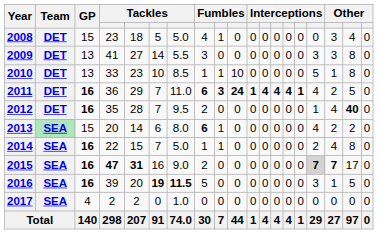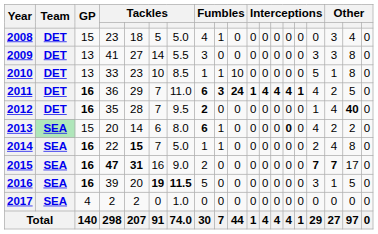 <table class="wikitable" style="text-align:center">
 <tr>
 <th rowspan="2">Year</th>
 <th rowspan="2">Team</th>
 <th rowspan="2">GP</th>
 <th colspan="4">Tackles</th>
 <th colspan="3">Fumbles</th>
 <th colspan="6">Interceptions</th>
 <th colspan="3">Other</th>
 </tr>
 <tr>
 <th></th>
 <th></th>
 <th></th>
 <th></th>
 <th></th>
 <th></th>
 <th></th>
 <th></th>
 <th></th>
 <th></th>
 <th></th>
 <th></th>
 <th></th>
 <th></th>
 <th></th>
 <th></th>
 </tr>
 <tr>
 <th><a href='#'>2008</a></th>
 <th><a href='#'>DET</a></th>
 <td>15</td>
 <td>23</td>
 <td>18</td>
 <td>5</td>
 <td>5.0</td>
 <td>4</td>
 <td>1</td>
 <td>0</td>
 <td>0</td>
 <td>0</td>
 <td>0</td>
 <td>0</td>
 <td>0</td>
 <td>0</td>
 <td>3</td>
 <td>4</td>
 <td>0</td>
 </tr>
 <tr>
 <th><a href='#'>2009</a></th>
 <th><a href='#'>DET</a></th>
 <td>13</td>
 <td>41</td>
 <td>27</td>
 <td>14</td>
 <td>5.5</td>
 <td>3</td>
 <td>0</td>
 <td>0</td>
 <td>0</td>
 <td>0</td>
 <td>0</td>
 <td>0</td>
 <td>0</td>
 <td>3</td>
 <td>3</td>
 <td>8</td>
 <td>0</td>
 </tr>
 <tr>
 <th><a href='#'>2010</a></th>
 <th><a href='#'>DET</a></th>
 <td>13</td>
 <td>33</td>
 <td>23</td>
 <td>10</td>
 <td>8.5</td>
 <td>1</td>
 <td>1</td>
 <td>10</td>
 <td>0</td>
 <td>0</td>
 <td>0</td>
 <td>0</td>
 <td>0</td>
 <td>5</td>
 <td>1</td>
 <td>8</td>
 <td>0</td>
 </tr>
 <tr>
 <th><a href='#'>2011</a></th>
 <th><a href='#'>DET</a></th>
 <td><strong>16</strong></td>
 <td>36</td>
 <td>29</td>
 <td>7</td>
 <td>11.0</td>
 <td><strong>6</strong></td>
 <td><strong>3</strong></td>
 <td><strong>24</strong></td>
 <td><strong>1</strong></td>
 <td><strong>4</strong></td>
 <td><strong>4</strong></td>
 <td><strong>4</strong></td>
 <td><strong>1</strong></td>
 <td>4</td>
 <td>2</td>
 <td>5</td>
 <td>0</td>
 </tr>
 <tr>
 <th><a href='#'>2012</a></th>
 <th><a href='#'>DET</a></th>
 <td><strong>16</strong></td>
 <td>35</td>
 <td>28</td>
 <td>7</td>
 <td>9.5</td>
-<td>2</td>
+<td><strong>2</strong></td>
 <td>0</td>
 <td>0</td>
 <td>0</td>
 <td>0</td>
 <td>0</td>
 <td>0</td>
 <td>0</td>
 <td>1</td>
 <td>4</td>
 <td><strong>40</strong></td>
 <td>0</td>
 </tr>
 <tr>
 <th><a href='#'>2013</a></th>
 <th style="background:#afe6ba; width:3em;"><a href='#'>SEA</a></th>
 <td>15</td>
 <td>20</td>
 <td>14</td>
 <td>6</td>
 <td>8.0</td>
 <td><strong>6</strong></td>
 <td>1</td>
 <td>0</td>
 <td>0</td>
 <td>0</td>
 <td>0</td>
-<td>0</td>
+<td><strong>0</strong></td>
 <td>0</td>
 <td>4</td>
 <td>2</td>
 <td>2</td>
 <td>0</td>
 </tr>
 <tr>
 <th><a href='#'>2014</a></th>
 <th><a href='#'>SEA</a></th>
 <td><strong>16</strong></td>
 <td>22</td>
-<td>15</td>
+<td><strong>15</strong></td>
 <td>7</td>
 <td>5.0</td>
 <td>1</td>
 <td>1</td>
 <td>0</td>
 <td>0</td>
 <td>0</td>
 <td>0</td>
 <td>0</td>
 <td>0</td>
 <td>2</td>
 <td>4</td>
 <td>8</td>
 <td>0</td>
 </tr>
 <tr>
 <th><a href='#'>2015</a></th>
 <th><a href='#'>SEA</a></th>
 <td><strong>16</strong></td>
 <td><strong>47</strong></td>
 <td><strong>31</strong></td>
 <td>16</td>
 <td>9.0</td>
 <td>2</td>
 <td>0</td>
 <td>0</td>
 <td>0</td>
 <td>0</td>
 <td>0</td>
 <td>0</td>
 <td>0</td>
-<td style="background: lightgrey;"><strong>7</strong></td>
+<td><strong>7</strong></td>
 <td><strong>7</strong></td>
 <td>17</td>
 <td>0</td>
 </tr>
 <tr>
 <th><a href='#'>2016</a></th>
 <th><a href='#'>SEA</a></th>
 <td><strong>16</strong></td>
 <td>39</td>
 <td>20</td>
 <td><strong>19</strong></td>
 <td><strong>11.5</strong></td>
 <td>5</td>
 <td>0</td>
 <td>0</td>
 <td>0</td>
 <td>0</td>
 <td>0</td>
 <td>0</td>
 <td>0</td>
 <td>3</td>
 <td>1</td>
 <td>5</td>
 <td>0</td>
 </tr>
 <tr>
 <th><a href='#'>2017</a></th>
 <th><a href='#'>SEA</a></th>
 <td>4</td>
 <td>2</td>
 <td>2</td>
 <td>0</td>
 <td>1.0</td>
 <td>0</td>
 <td>0</td>
 <td>0</td>
 <td>0</td>
 <td>0</td>
 <td>0</td>
 <td>0</td>
 <td>0</td>
 <td>0</td>
 <td>0</td>
 <td>0</td>
 <td>0</td>
 </tr>
 <tr>
 <th colspan="2">Total</th>
 <th>140</th>
 <th>298</th>
 <th>207</th>
 <th>91</th>
 <th>74.0</th>
 <th>30</th>
 <th>7</th>
 <th>44</th>
 <th>1</th>
 <th>4</th>
 <th>4</th>
 <th>4</th>
 <th>1</th>
 <th>29</th>
 <th>27</th>
 <th>97</th>
 <th>0</th>
 </tr>
 </table>
